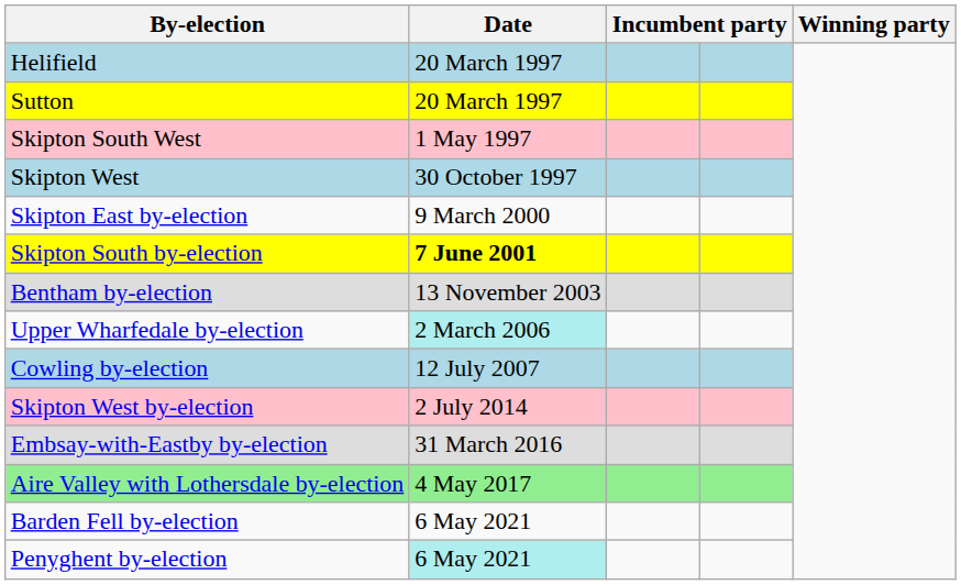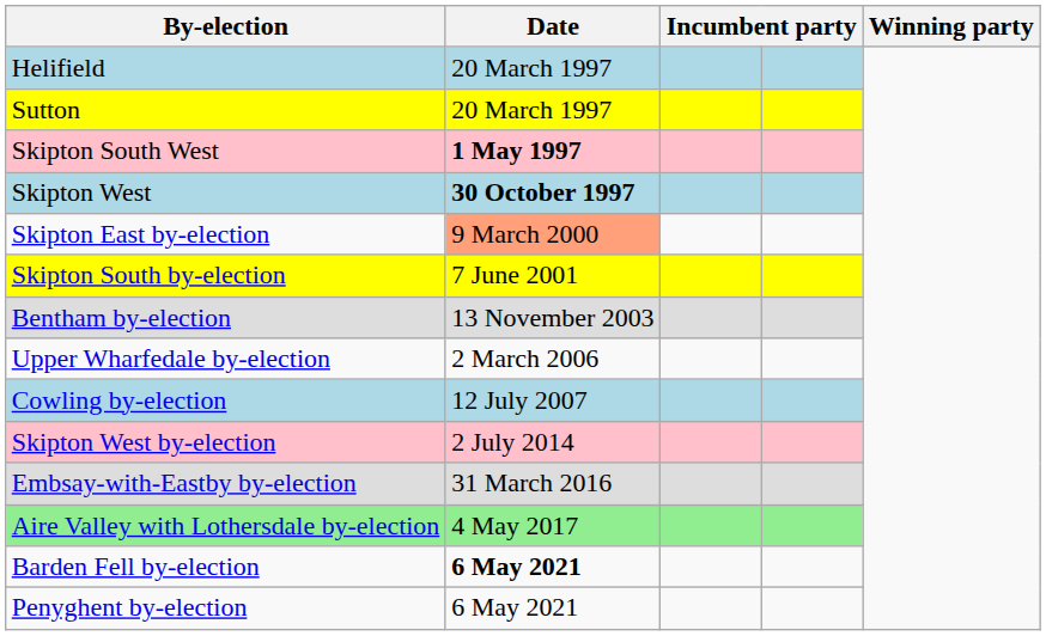 <table class="wikitable">
 <tr>
 <th>By-election</th>
 <th>Date</th>
 <th colspan=2>Incumbent party</th>
 <th colspan=2>Winning party</th>
 </tr>
 <tr bgcolor=lightblue>
 <td>Helifield</td>
 <td>20 March 1997</td>
 <td></td>
 <td></td>
 </tr>
 <tr bgcolor=yellow>
 <td>Sutton</td>
 <td>20 March 1997</td>
 <td></td>
 <td></td>
 </tr>
 <tr bgcolor=pink>
 <td>Skipton South West</td>
-<td>1 May 1997</td>
+<td><strong>1 May 1997</strong></td>
 <td></td>
 <td></td>
 </tr>
 <tr bgcolor=lightblue>
 <td>Skipton West</td>
-<td>30 October 1997</td>
+<td><strong>30 October 1997</strong></td>
 <td></td>
 <td></td>
 </tr>
 <tr>
 <td><a href='#'>Skipton East by-election</a></td>
-<td>9 March 2000</td>
+<td style="background: lightsalmon;">9 March 2000</td>
 <td></td>
 <td></td>
 </tr>
 <tr bgcolor=yellow>
 <td><a href='#'>Skipton South by-election</a></td>
-<td><strong>7 June 2001</strong></td>
+<td>7 June 2001</td>
 <td></td>
 <td></td>
 </tr>
 <tr bgcolor=#dddddd>
 <td><a href='#'>Bentham by-election</a></td>
 <td>13 November 2003</td>
 <td></td>
 <td></td>
 </tr>
 <tr>
 <td><a href='#'>Upper Wharfedale by-election</a></td>
-<td style="background: paleturquoise;">2 March 2006</td>
+<td>2 March 2006</td>
 <td></td>
 <td></td>
 </tr>
 <tr bgcolor=lightblue>
 <td><a href='#'>Cowling by-election</a></td>
 <td>12 July 2007</td>
 <td></td>
 <td></td>
 </tr>
 <tr bgcolor=pink>
 <td><a href='#'>Skipton West by-election</a></td>
 <td>2 July 2014</td>
 <td></td>
 <td></td>
 </tr>
 <tr bgcolor=#dddddd>
 <td><a href='#'>Embsay-with-Eastby by-election</a></td>
 <td>31 March 2016</td>
 <td></td>
 <td></td>
 </tr>
 <tr bgcolor=lightgreen>
 <td><a href='#'>Aire Valley with Lothersdale by-election</a></td>
 <td>4 May 2017</td>
 <td></td>
 <td></td>
 </tr>
 <tr>
 <td><a href='#'>Barden Fell by-election</a></td>
-<td>6 May 2021</td>
+<td><strong>6 May 2021</strong></td>
 <td></td>
 <td></td>
 </tr>
 <tr>
 <td><a href='#'>Penyghent by-election</a></td>
-<td style="background: paleturquoise;">6 May 2021</td>
+<td>6 May 2021</td>
 <td></td>
 <td></td>
 </tr>
 </table>
